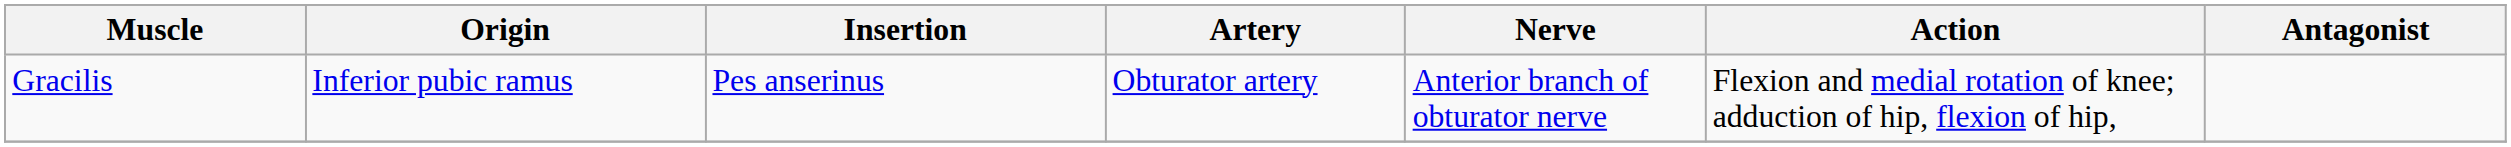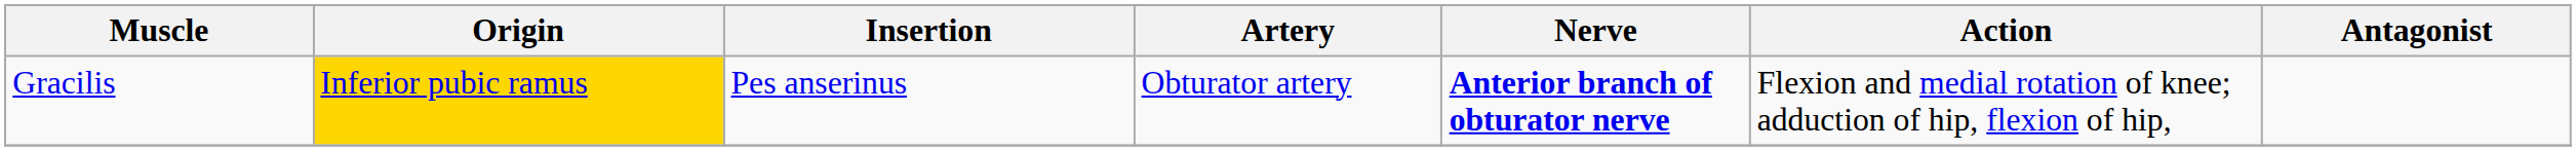 <table class="wikitable" width="100%">
 <tr>
 <th width="12%">Muscle</th>
 <th width="16%">Origin</th>
 <th width="16%">Insertion</th>
 <th width="12%">Artery</th>
 <th width="12%">Nerve</th>
 <th width="20%">Action</th>
 <th width="12%">Antagonist</th>
 </tr>
 <tr valign="top">
 <td><a href='#'>Gracilis</a></td>
-<td><a href='#'>Inferior pubic ramus</a></td>
+<td style="background: gold;"><a href='#'>Inferior pubic ramus</a></td>
 <td><a href='#'>Pes anserinus</a></td>
 <td><a href='#'>Obturator artery</a></td>
-<td><a href='#'>Anterior branch of obturator nerve</a></td>
+<td><strong><a href='#'>Anterior branch of obturator nerve</a></strong></td>
 <td>Flexion and <a href='#'>medial rotation</a> of knee; adduction of hip, <a href='#'>flexion</a> of hip,</td>
 <td></td>
 </tr>
 <tr valign="top">
 </tr>
 </table>
